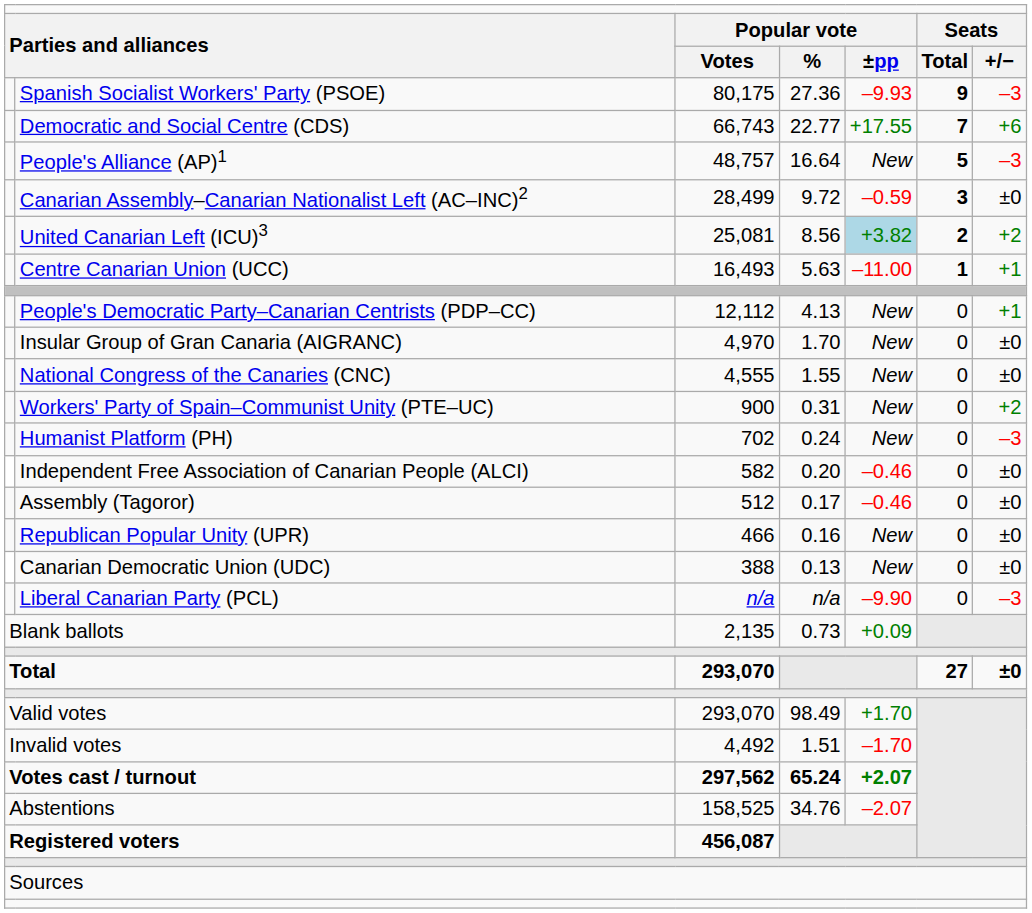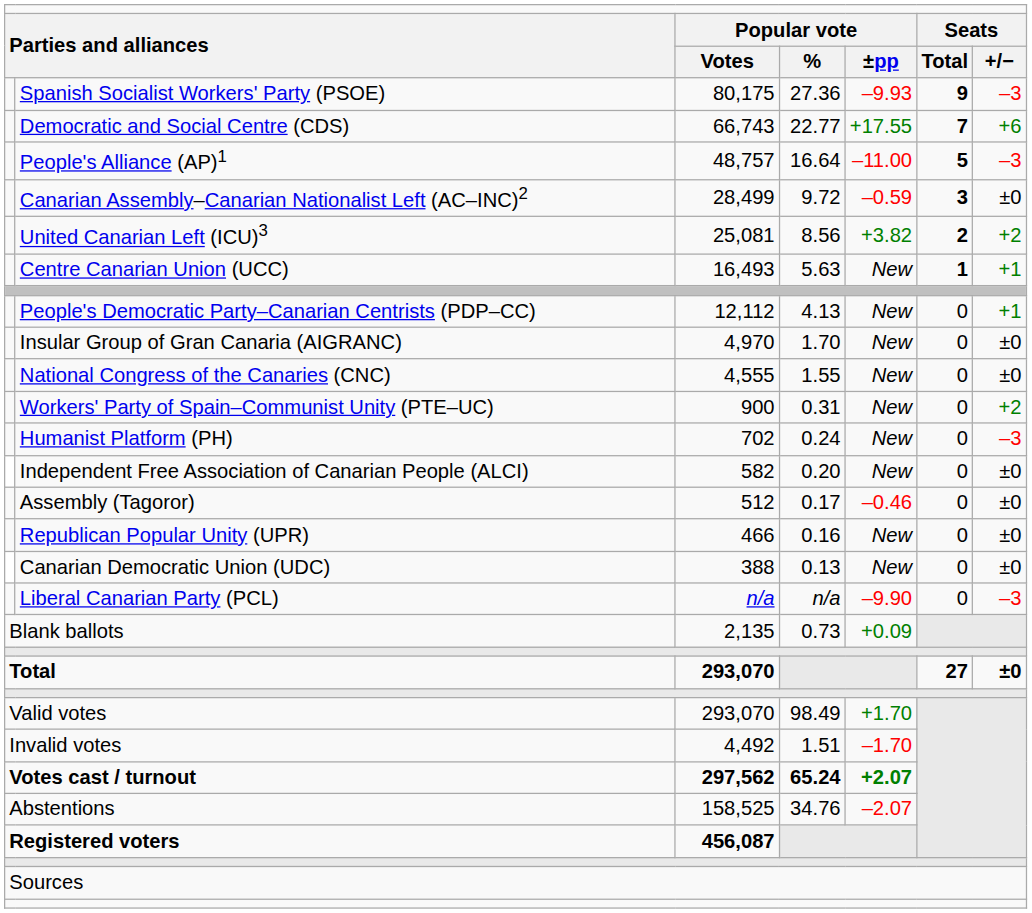 <table class="wikitable" style="text-align:right;">
 <tr>
 <td colspan="7"></td>
 </tr>
 <tr>
 <th style="text-align:left;" rowspan="2" colspan="2" width="525">Parties and alliances</th>
 <th colspan="3">Popular vote</th>
 <th colspan="2">Seats</th>
 </tr>
 <tr>
 <th width="75">Votes</th>
 <th width="45">%</th>
 <th width="45">±<a href='#'>pp</a></th>
 <th width="35">Total</th>
 <th width="35">+/−</th>
 </tr>
 <tr>
 <td width="1" style="color:inherit;background:"></td>
 <td align="left"><a href='#'>Spanish Socialist Workers' Party</a> (PSOE)</td>
 <td>80,175</td>
 <td>27.36</td>
 <td style="color:red;">–9.93</td>
 <td><strong>9</strong></td>
 <td style="color:red;">–3</td>
 </tr>
 <tr>
 <td style="color:inherit;background:"></td>
 <td align="left"><a href='#'>Democratic and Social Centre</a> (CDS)</td>
 <td>66,743</td>
 <td>22.77</td>
 <td style="color:green;">+17.55</td>
 <td><strong>7</strong></td>
 <td style="color:green;">+6</td>
 </tr>
 <tr>
 <td style="color:inherit;background:"></td>
 <td align="left"><a href='#'>People's Alliance</a> (AP)<sup>1</sup></td>
 <td>48,757</td>
 <td>16.64</td>
-<td><em>New</em></td>
+<td style="color:red;">–11.00</td>
 <td><strong>5</strong></td>
 <td style="color:red;">–3</td>
 </tr>
 <tr>
 <td style="color:inherit;background:"></td>
 <td align="left"><a href='#'>Canarian Assembly</a>–<a href='#'>Canarian Nationalist Left</a> (AC–INC)<sup>2</sup></td>
 <td>28,499</td>
 <td>9.72</td>
 <td style="color:red;">–0.59</td>
 <td><strong>3</strong></td>
 <td>±0</td>
 </tr>
 <tr>
 <td style="color:inherit;background:"></td>
 <td align="left"><a href='#'>United Canarian Left</a> (ICU)<sup>3</sup></td>
 <td>25,081</td>
 <td>8.56</td>
-<td style="background: lightblue; color:green;">+3.82</td>
+<td style="color:green;">+3.82</td>
 <td><strong>2</strong></td>
 <td style="color:green;">+2</td>
 </tr>
 <tr>
 <td style="color:inherit;background:"></td>
 <td align="left"><a href='#'>Centre Canarian Union</a> (UCC)</td>
 <td>16,493</td>
 <td>5.63</td>
-<td style="color:red;">–11.00</td>
+<td><em>New</em></td>
 <td><strong>1</strong></td>
 <td style="color:green;">+1</td>
 </tr>
 <tr>
 <td colspan="7" bgcolor="#C0C0C0"></td>
 </tr>
 <tr>
 <td style="color:inherit;background:"></td>
 <td align="left"><a href='#'>People's Democratic Party–Canarian Centrists</a> (PDP–CC)</td>
 <td>12,112</td>
 <td>4.13</td>
 <td><em>New</em></td>
 <td>0</td>
 <td style="color:green;">+1</td>
 </tr>
 <tr>
 <td style="color:inherit;background:"></td>
 <td align="left">Insular Group of Gran Canaria (AIGRANC)</td>
 <td>4,970</td>
 <td>1.70</td>
 <td><em>New</em></td>
 <td>0</td>
 <td>±0</td>
 </tr>
 <tr>
 <td style="color:inherit;background:"></td>
 <td align="left"><a href='#'>National Congress of the Canaries</a> (CNC)</td>
 <td>4,555</td>
 <td>1.55</td>
 <td><em>New</em></td>
 <td>0</td>
 <td>±0</td>
 </tr>
 <tr>
 <td style="color:inherit;background:"></td>
 <td align="left"><a href='#'>Workers' Party of Spain–Communist Unity</a> (PTE–UC)</td>
 <td>900</td>
 <td>0.31</td>
 <td><em>New</em></td>
 <td>0</td>
 <td style="color:green;">+2</td>
 </tr>
 <tr>
 <td style="color:inherit;background:"></td>
 <td align="left"><a href='#'>Humanist Platform</a> (PH)</td>
 <td>702</td>
 <td>0.24</td>
 <td><em>New</em></td>
 <td>0</td>
 <td style="color:red;">–3</td>
 </tr>
 <tr>
 <td bgcolor="white"></td>
 <td align="left">Independent Free Association of Canarian People (ALCI)</td>
 <td>582</td>
 <td>0.20</td>
-<td style="color:red;">–0.46</td>
+<td><em>New</em></td>
 <td>0</td>
 <td>±0</td>
 </tr>
 <tr>
 <td style="color:inherit;background:"></td>
 <td align="left">Assembly (Tagoror)</td>
 <td>512</td>
 <td>0.17</td>
 <td style="color:red;">–0.46</td>
 <td>0</td>
 <td>±0</td>
 </tr>
 <tr>
 <td style="color:inherit;background:"></td>
 <td align="left"><a href='#'>Republican Popular Unity</a> (UPR)</td>
 <td>466</td>
 <td>0.16</td>
 <td><em>New</em></td>
 <td>0</td>
 <td>±0</td>
 </tr>
 <tr>
 <td bgcolor="white"></td>
 <td align="left">Canarian Democratic Union (UDC)</td>
 <td>388</td>
 <td>0.13</td>
 <td><em>New</em></td>
 <td>0</td>
 <td>±0</td>
 </tr>
 <tr>
 <td style="color:inherit;background:"></td>
 <td align="left"><a href='#'>Liberal Canarian Party</a> (PCL)</td>
 <td><em><a href='#'>n/a</a></em></td>
 <td><em>n/a</em></td>
 <td style="color:red;">–9.90</td>
 <td>0</td>
 <td style="color:red;">–3</td>
 </tr>
 <tr>
 <td align="left" colspan="2">Blank ballots</td>
 <td>2,135</td>
 <td>0.73</td>
 <td style="color:green;">+0.09</td>
 <td bgcolor="#E9E9E9" colspan="2"></td>
 </tr>
 <tr>
 <td colspan="7" bgcolor="#E9E9E9"></td>
 </tr>
 <tr style="font-weight:bold;">
 <td align="left" colspan="2">Total</td>
 <td>293,070</td>
 <td bgcolor="#E9E9E9" colspan="2"></td>
 <td>27</td>
 <td>±0</td>
 </tr>
 <tr>
 <td colspan="7" bgcolor="#E9E9E9"></td>
 </tr>
 <tr>
 <td align="left" colspan="2">Valid votes</td>
 <td>293,070</td>
 <td>98.49</td>
 <td style="color:green;">+1.70</td>
 <td bgcolor="#E9E9E9" colspan="2" rowspan="5"></td>
 </tr>
 <tr>
 <td align="left" colspan="2">Invalid votes</td>
 <td>4,492</td>
 <td>1.51</td>
 <td style="color:red;">–1.70</td>
 </tr>
 <tr style="font-weight:bold;">
 <td align="left" colspan="2">Votes cast / turnout</td>
 <td>297,562</td>
 <td>65.24</td>
 <td style="color:green;">+2.07</td>
 </tr>
 <tr>
 <td align="left" colspan="2">Abstentions</td>
 <td>158,525</td>
 <td>34.76</td>
 <td style="color:red;">–2.07</td>
 </tr>
 <tr style="font-weight:bold;">
 <td align="left" colspan="2">Registered voters</td>
 <td>456,087</td>
 <td bgcolor="#E9E9E9" colspan="2"></td>
 </tr>
 <tr>
 <td colspan="7" bgcolor="#E9E9E9"></td>
 </tr>
 <tr>
 <td align="left" colspan="7">Sources</td>
 </tr>
 <tr>
 <td colspan="7" style="text-align:left; max-width:790px;"></td>
 </tr>
 </table>
